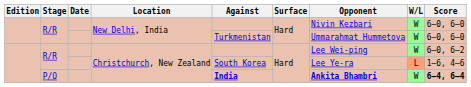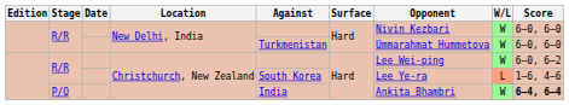 <table class="wikitable" style="font-size:97%">
 <tr>
 <th>Edition</th>
 <th>Stage</th>
 <th>Date</th>
 <th>Location</th>
 <th>Against</th>
 <th>Surface</th>
 <th>Opponent</th>
 <th>W/L</th>
 <th>Score</th>
 </tr>
 <tr bgcolor="#EBC2AF">
 <td rowspan="2"></td>
 <td rowspan="2"><a href='#'>R/R</a></td>
 <td></td>
 <td rowspan="2"><a href='#'>New Delhi</a>, India</td>
 <td> </td>
 <td rowspan="2">Hard</td>
 <td> <a href='#'>Nivin Kezbari</a></td>
 <td style="text-align:center; background:#98fb98;">W</td>
 <td>6–0, 6–0</td>
 </tr>
 <tr bgcolor="#EBC2AF">
 <td></td>
 <td> <a href='#'>Turkmenistan</a></td>
 <td> <a href='#'>Ummarahmat Hummetova</a></td>
 <td style="text-align:center; background:#98fb98;">W</td>
 <td>6–0, 6–0</td>
 </tr>
 <tr bgcolor="#EBC2AF">
 <td rowspan="3"></td>
 <td rowspan="2"><a href='#'>R/R</a></td>
 <td></td>
 <td rowspan="3"><a href='#'>Christchurch</a>, New Zealand</td>
 <td> </td>
 <td rowspan="3">Hard</td>
 <td> <a href='#'>Lee Wei-ping</a></td>
 <td style="text-align:center; background:#98fb98;">W</td>
 <td>6–0, 6–2</td>
 </tr>
 <tr bgcolor="#EBC2AF">
 <td></td>
 <td> <a href='#'>South Korea</a></td>
 <td> <a href='#'>Lee Ye-ra</a></td>
 <td style="text-align:center; background:#ffa07a;">L</td>
 <td>1–6, 4–6</td>
 </tr>
 <tr bgcolor="#EBC2AF">
 <td rowspan="1"><a href='#'>P/O</a></td>
 <td></td>
-<td><strong> <a href='#'>India</a></strong></td>
-<td><strong> <a href='#'>Ankita Bhambri</a></strong></td>
+<td> <a href='#'>India</a></td>
+<td> <a href='#'>Ankita Bhambri</a></td>
 <td style="text-align:center; background:#98fb98;">W</td>
 <td><strong>6–4, 6–4</strong></td>
 </tr>
 </table>
